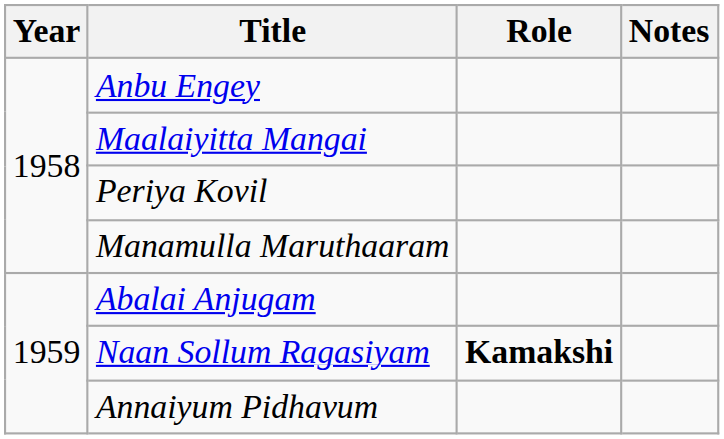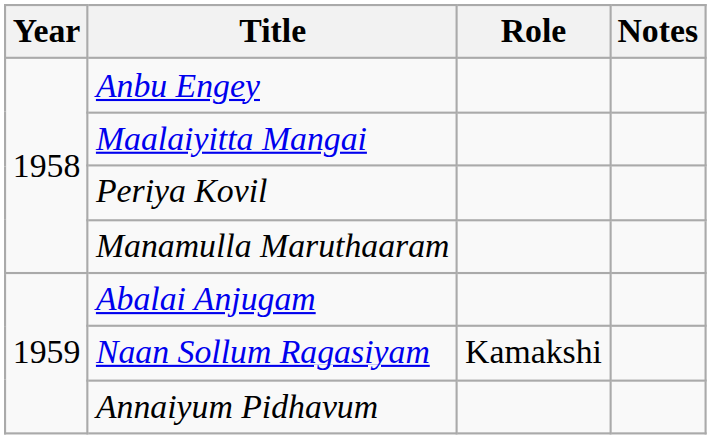 <table class="wikitable">
 <tr style="text-align:center;">
 <th>Year</th>
 <th>Title</th>
 <th>Role</th>
 <th>Notes</th>
 </tr>
 <tr>
 <td rowspan="4">1958</td>
 <td><em><a href='#'>Anbu Engey</a></em></td>
 <td></td>
 <td></td>
 </tr>
 <tr>
 <td><em><a href='#'>Maalaiyitta Mangai</a></em></td>
 <td></td>
 <td></td>
 </tr>
 <tr>
 <td><em>Periya Kovil</em></td>
 <td></td>
 <td></td>
 </tr>
 <tr>
 <td><em>Manamulla Maruthaaram</em></td>
 <td></td>
 <td></td>
 </tr>
 <tr>
 <td rowspan=3>1959</td>
 <td><em><a href='#'>Abalai Anjugam</a></em></td>
 <td></td>
 <td></td>
 </tr>
 <tr>
 <td><em><a href='#'>Naan Sollum Ragasiyam</a></em></td>
-<td><strong>Kamakshi</strong></td>
+<td>Kamakshi</td>
 <td></td>
 </tr>
 <tr>
 <td><em>Annaiyum Pidhavum</em></td>
 <td></td>
 <td></td>
 </tr>
 </table>
